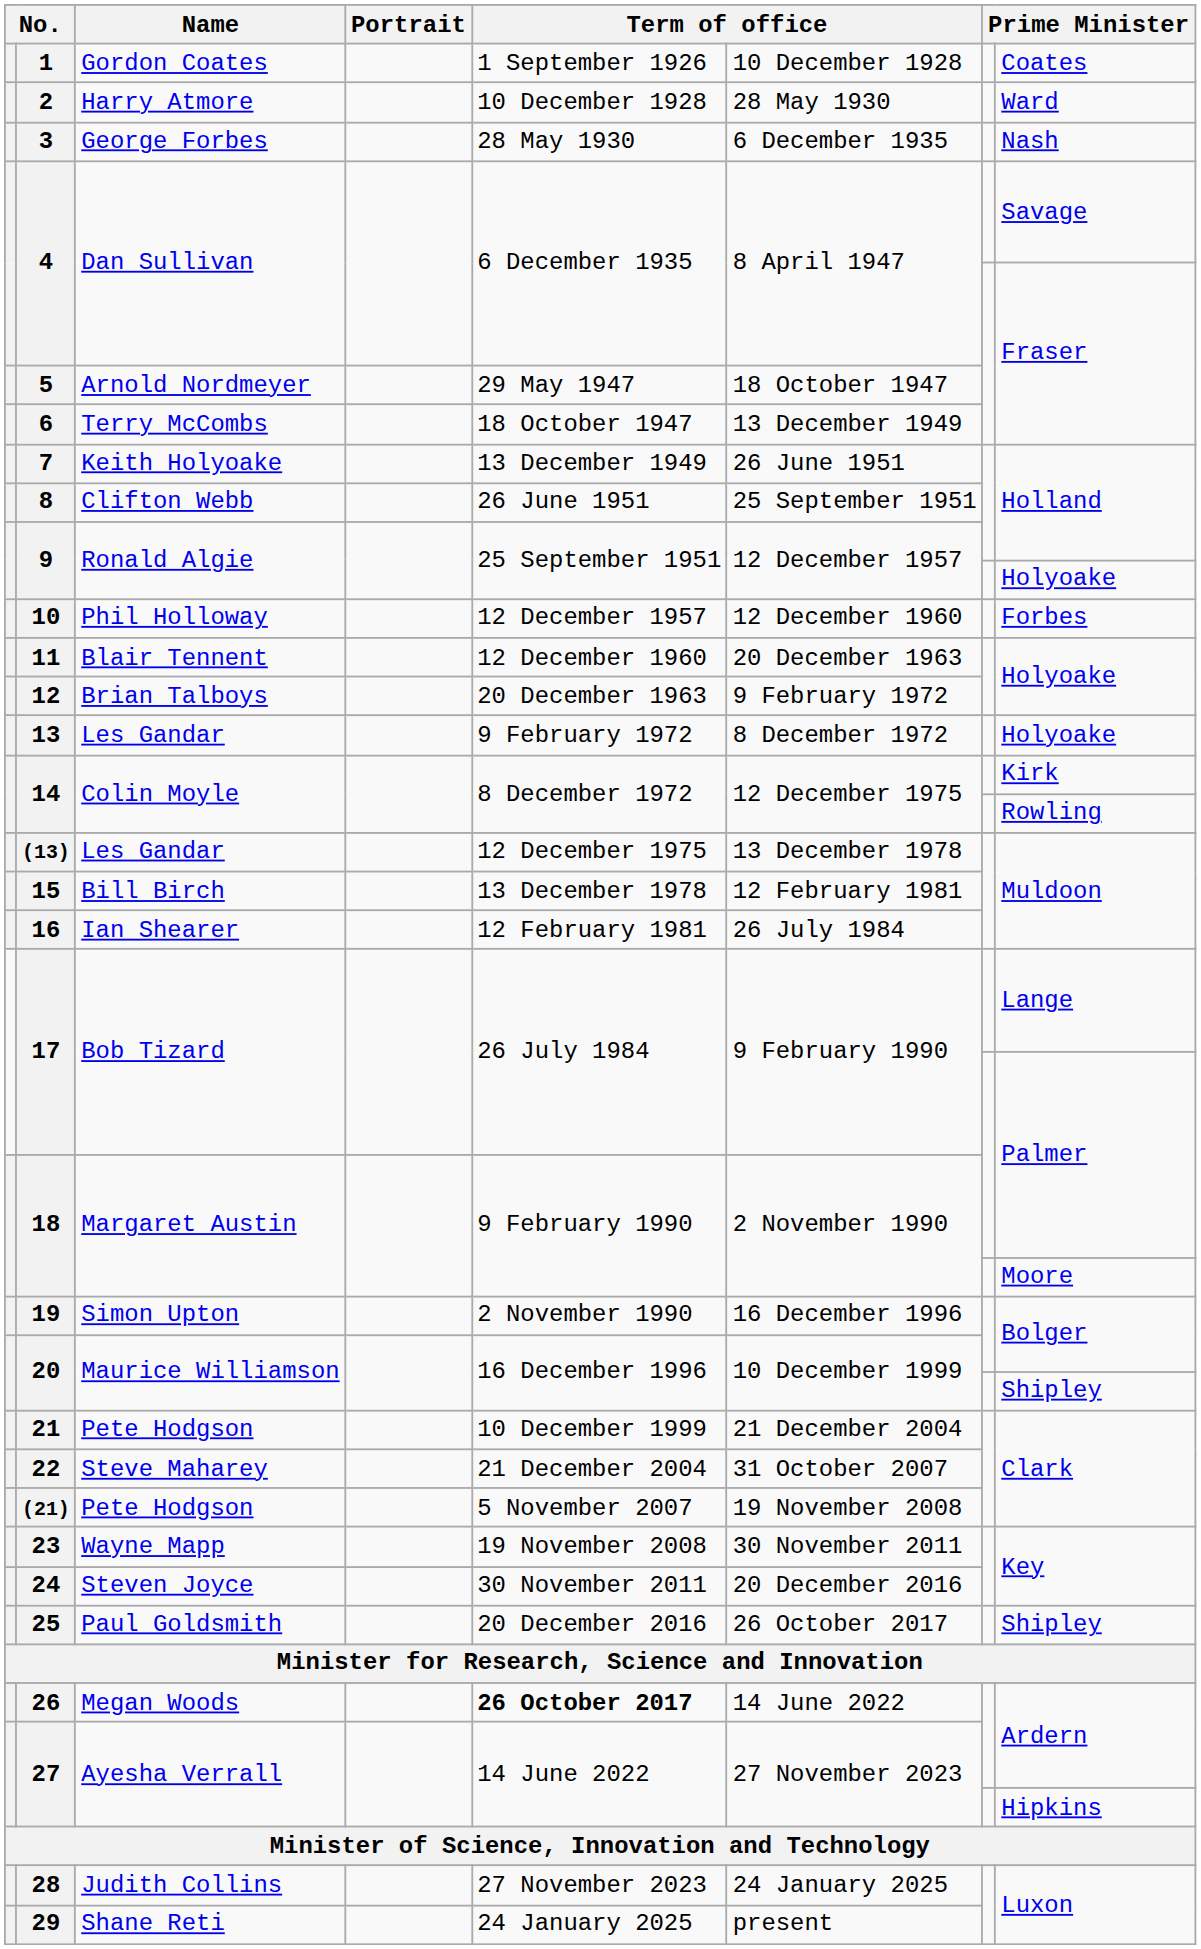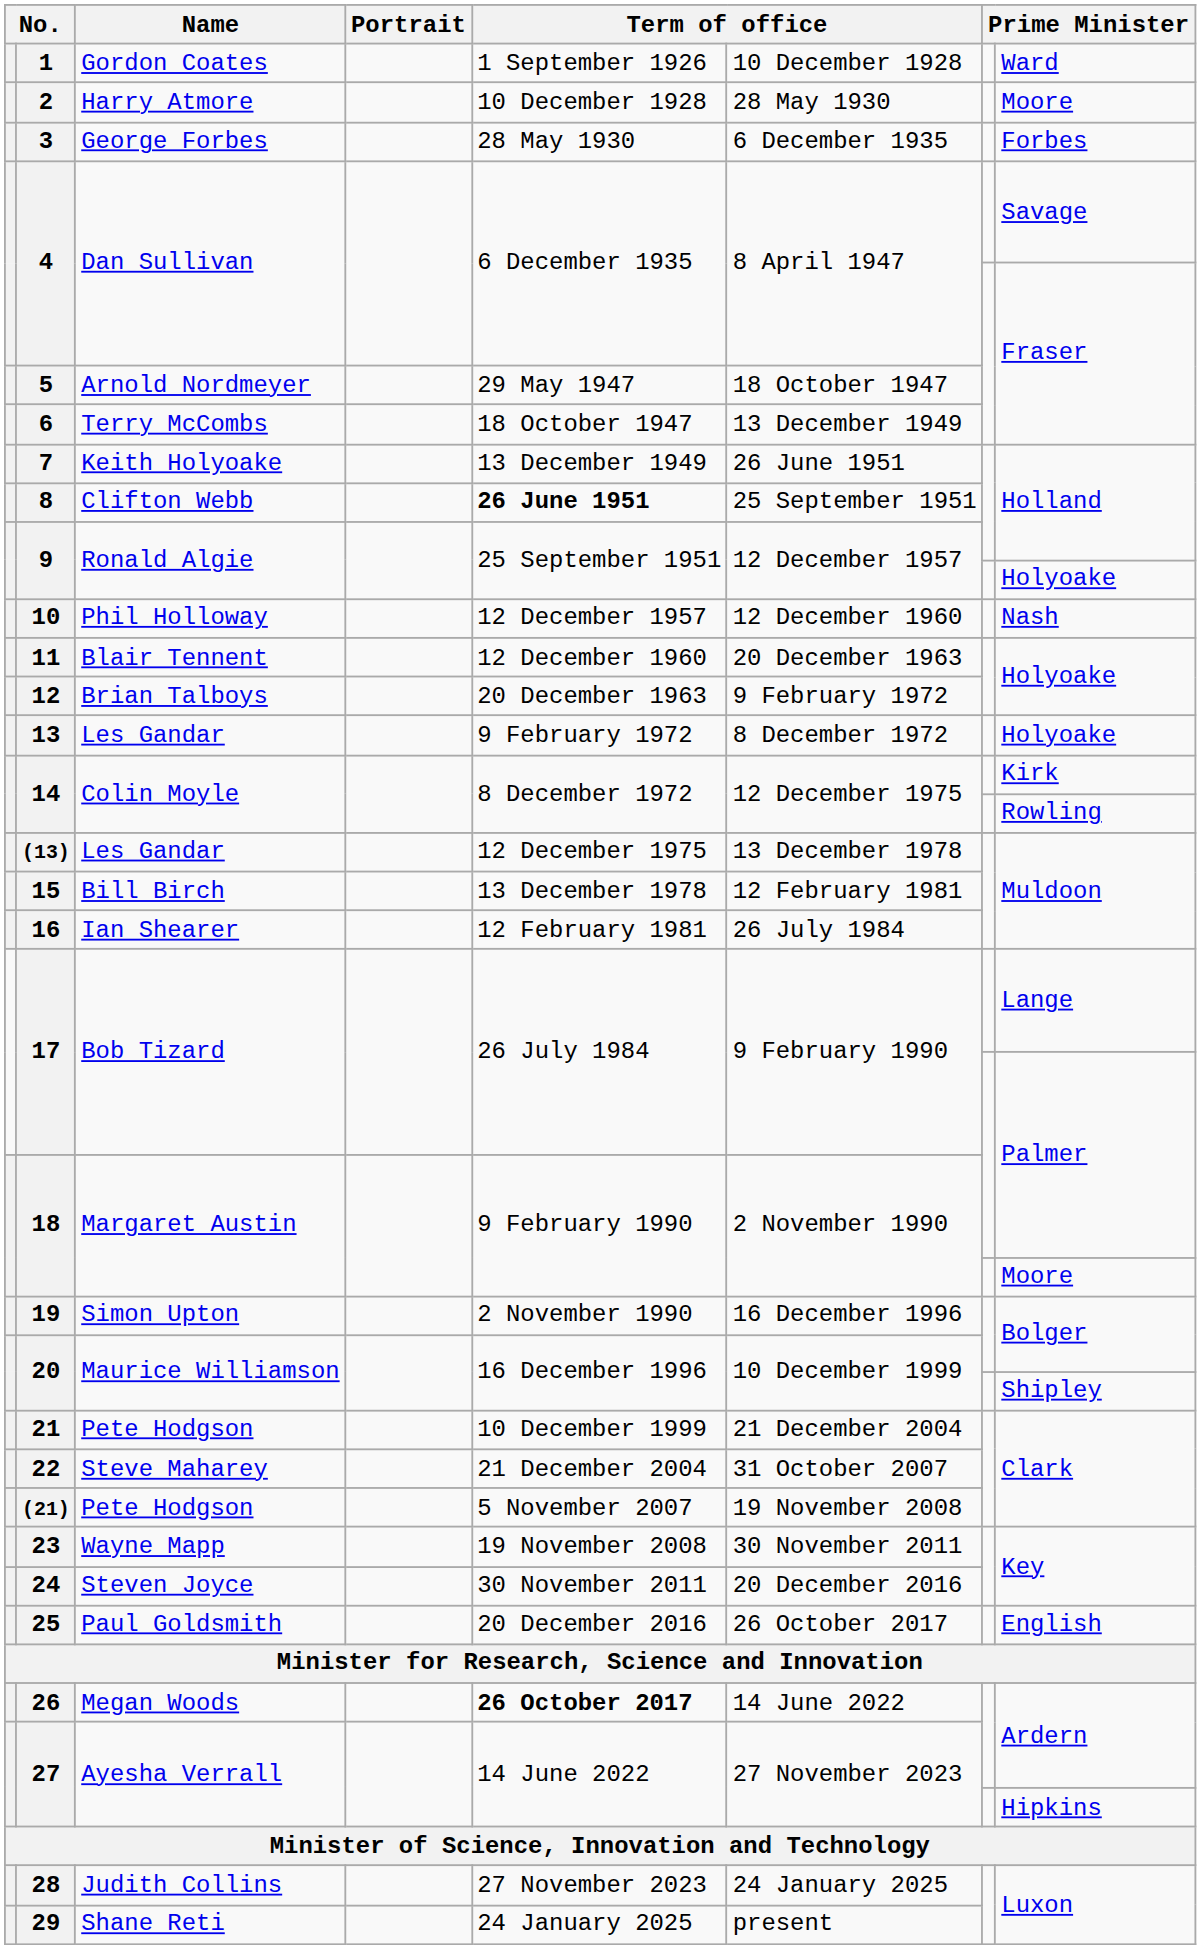 <table class="wikitable">
 <tr>
 <th colspan=2>No.</th>
 <th>Name</th>
 <th>Portrait</th>
 <th colspan=2>Term of office</th>
 <th colspan=30>Prime Minister</th>
 </tr>
 <tr>
 <th style="color:inherit;background:"></th>
 <th>1</th>
 <td><a href='#'>Gordon Coates</a></td>
 <td></td>
 <td>1 September 1926</td>
 <td>10 December 1928</td>
 <td width=1 style="color:inherit;background:"></td>
-<td><a href='#'>Coates</a></td>
+<td><a href='#'>Ward</a></td>
 </tr>
 <tr>
 <th style="color:inherit;background:"></th>
 <th>2</th>
 <td><a href='#'>Harry Atmore</a></td>
 <td></td>
 <td>10 December 1928</td>
 <td>28 May 1930</td>
 <td style="color:inherit;background:"></td>
-<td><a href='#'>Ward</a></td>
+<td><a href='#'>Moore</a></td>
 </tr>
 <tr>
 <th style="color:inherit;background:"></th>
 <th>3</th>
 <td><a href='#'>George Forbes</a></td>
 <td></td>
 <td>28 May 1930</td>
 <td>6 December 1935</td>
 <td style="color:inherit;background:"></td>
-<td><a href='#'>Nash</a></td>
+<td><a href='#'>Forbes</a></td>
 </tr>
 <tr>
 <th height=50 style="border-bottom:solid 0 grey; background:"></th>
 <th rowspan=2>4</th>
 <td rowspan=2><a href='#'>Dan Sullivan</a></td>
 <td rowspan=2></td>
 <td rowspan=2>6 December 1935</td>
 <td rowspan=2>8 April 1947</td>
 <td style="color:inherit;background:"></td>
 <td><a href='#'>Savage</a></td>
 </tr>
 <tr>
 <th height=50 style="border-top:solid 0 grey; background:"></th>
 <td style="border-bottom:solid 0 grey; background:"></td>
 <td rowspan=3><a href='#'>Fraser</a></td>
 </tr>
 <tr>
 <th style="color:inherit;background:"></th>
 <th>5</th>
 <td><a href='#'>Arnold Nordmeyer</a></td>
 <td></td>
 <td>29 May 1947</td>
 <td>18 October 1947</td>
 <td rowspan=2 style="border-top:solid 0 grey; background:"></td>
 </tr>
 <tr>
 <th style="color:inherit;background:"></th>
 <th>6</th>
 <td><a href='#'>Terry McCombs</a></td>
 <td></td>
 <td>18 October 1947</td>
 <td>13 December 1949</td>
 </tr>
 <tr>
 <th style="color:inherit;background:"></th>
 <th>7</th>
 <td><a href='#'>Keith Holyoake</a></td>
 <td></td>
 <td>13 December 1949</td>
 <td>26 June 1951</td>
 <td rowspan=3 style="color:inherit;background:"></td>
 <td rowspan=3><a href='#'>Holland</a></td>
 </tr>
 <tr>
 <th style="color:inherit;background:"></th>
 <th>8</th>
 <td><a href='#'>Clifton Webb</a></td>
 <td></td>
-<td>26 June 1951</td>
+<td><strong>26 June 1951</strong></td>
 <td>25 September 1951</td>
 </tr>
 <tr>
 <th height=15 style="border-bottom:solid 0 grey; background:"></th>
 <th rowspan=2>9</th>
 <td rowspan=2><a href='#'>Ronald Algie</a></td>
 <td rowspan=2></td>
 <td rowspan=2>25 September 1951</td>
 <td rowspan=2>12 December 1957</td>
 </tr>
 <tr>
 <th height=15 style="border-top:solid 0 grey; background:"></th>
 <td style="color:inherit;background:"></td>
 <td><a href='#'>Holyoake</a></td>
 </tr>
 <tr>
 <th style="color:inherit;background:"></th>
 <th>10</th>
 <td><a href='#'>Phil Holloway</a></td>
 <td></td>
 <td>12 December 1957</td>
 <td>12 December 1960</td>
 <td style="color:inherit;background:"></td>
-<td><a href='#'>Forbes</a></td>
+<td><a href='#'>Nash</a></td>
 </tr>
 <tr>
 <th style="color:inherit;background:"></th>
 <th>11</th>
 <td><a href='#'>Blair Tennent</a></td>
 <td></td>
 <td>12 December 1960</td>
 <td>20 December 1963</td>
 <td rowspan=2 style="color:inherit;background:"></td>
 <td rowspan=2><a href='#'>Holyoake</a></td>
 </tr>
 <tr>
 <th style="color:inherit;background:"></th>
 <th>12</th>
 <td><a href='#'>Brian Talboys</a></td>
 <td></td>
 <td>20 December 1963</td>
 <td>9 February 1972</td>
 </tr>
 <tr>
 <th style="color:inherit;background:"></th>
 <th>13</th>
 <td><a href='#'>Les Gandar</a></td>
 <td></td>
 <td>9 February 1972</td>
 <td>8 December 1972</td>
 <td style="color:inherit;background:"></td>
 <td><a href='#'>Holyoake</a></td>
 </tr>
 <tr>
 <th rowspan=2 style="color:inherit;background:"></th>
 <th rowspan=2>14</th>
 <td rowspan=2><a href='#'>Colin Moyle</a></td>
 <td rowspan=2></td>
 <td rowspan=2>8 December 1972</td>
 <td rowspan=2>12 December 1975</td>
 <td style="color:inherit;background:"></td>
 <td><a href='#'>Kirk</a></td>
 </tr>
 <tr>
 <td style="color:inherit;background:"></td>
 <td><a href='#'>Rowling</a></td>
 </tr>
 <tr>
 <th style="color:inherit;background:"></th>
 <th><small>(13)</small></th>
 <td><a href='#'>Les Gandar</a></td>
 <td></td>
 <td>12 December 1975</td>
 <td>13 December 1978</td>
 <td rowspan=3 style="color:inherit;background:"></td>
 <td rowspan=3><a href='#'>Muldoon</a></td>
 </tr>
 <tr>
 <th style="color:inherit;background:"></th>
 <th>15</th>
 <td><a href='#'>Bill Birch</a></td>
 <td></td>
 <td>13 December 1978</td>
 <td>12 February 1981</td>
 </tr>
 <tr>
 <th style="color:inherit;background:"></th>
 <th>16</th>
 <td><a href='#'>Ian Shearer</a></td>
 <td></td>
 <td>12 February 1981</td>
 <td>26 July 1984</td>
 </tr>
 <tr>
 <td height=50 style="border-bottom:solid 0 grey; background:"></td>
 <th rowspan=2>17</th>
 <td rowspan=2><a href='#'>Bob Tizard</a></td>
 <td rowspan=2></td>
 <td rowspan=2>26 July 1984</td>
 <td rowspan=2>9 February 1990</td>
 <td style="color:inherit;background:"></td>
 <td><a href='#'>Lange</a></td>
 </tr>
 <tr>
 <td height=50 style="border-top:solid 0 grey; background:"></td>
 <td style="border-bottom:solid 0 grey; background:"></td>
 <td rowspan=2><a href='#'>Palmer</a></td>
 </tr>
 <tr>
 <th rowspan=2 style="color:inherit;background:"></th>
 <th rowspan=2>18</th>
 <td rowspan=2><a href='#'>Margaret Austin</a></td>
 <td rowspan=2></td>
 <td rowspan=2>9 February 1990</td>
 <td rowspan=2>2 November 1990</td>
 <td height=50 style="border-top:solid 0 grey; background:"></td>
 </tr>
 <tr>
 <td style="color:inherit;background:"></td>
 <td><a href='#'>Moore</a></td>
 </tr>
 <tr>
 <th style="color:inherit;background:"></th>
 <th>19</th>
 <td><a href='#'>Simon Upton</a></td>
 <td></td>
 <td>2 November 1990</td>
 <td>16 December 1996</td>
 <td rowspan=2 style="color:inherit;background:"></td>
 <td rowspan=2><a href='#'>Bolger</a></td>
 </tr>
 <tr>
 <th height=14 style="border-bottom:solid 0 grey; background:"></th>
 <th rowspan=2>20</th>
 <td rowspan=2><a href='#'>Maurice Williamson</a></td>
 <td rowspan=2></td>
 <td rowspan=2>16 December 1996</td>
 <td rowspan=2>10 December 1999</td>
 </tr>
 <tr>
 <th height=15 style="border-top:solid 0 grey; background:"></th>
 <td style="color:inherit;background:"></td>
 <td><a href='#'>Shipley</a></td>
 </tr>
 <tr>
 <th style="color:inherit;background:"></th>
 <th>21</th>
 <td><a href='#'>Pete Hodgson</a></td>
 <td></td>
 <td>10 December 1999</td>
 <td>21 December 2004</td>
 <td rowspan=3 style="color:inherit;background:"></td>
 <td rowspan=3><a href='#'>Clark</a></td>
 </tr>
 <tr>
 <th style="color:inherit;background:"></th>
 <th>22</th>
 <td><a href='#'>Steve Maharey</a></td>
 <td></td>
 <td>21 December 2004</td>
 <td>31 October 2007</td>
 </tr>
 <tr>
 <th style="color:inherit;background:"></th>
 <th><small>(21)</small></th>
 <td><a href='#'>Pete Hodgson</a></td>
 <td></td>
 <td>5 November 2007</td>
 <td>19 November 2008</td>
 </tr>
 <tr>
 <th style="color:inherit;background:"></th>
 <th>23</th>
 <td><a href='#'>Wayne Mapp</a></td>
 <td></td>
 <td>19 November 2008</td>
 <td>30 November 2011</td>
 <td rowspan=2 style="color:inherit;background:"></td>
 <td rowspan=2><a href='#'>Key</a></td>
 </tr>
 <tr>
 <th style="color:inherit;background:"></th>
 <th>24</th>
 <td><a href='#'>Steven Joyce</a></td>
 <td></td>
 <td>30 November 2011</td>
 <td>20 December 2016</td>
 </tr>
 <tr>
 <th style="color:inherit;background:"></th>
 <th>25</th>
 <td><a href='#'>Paul Goldsmith</a></td>
 <td></td>
 <td>20 December 2016</td>
 <td>26 October 2017</td>
 <td style="color:inherit;background:"></td>
-<td><a href='#'>Shipley</a></td>
+<td><a href='#'>English</a></td>
 </tr>
 <tr>
 <th colspan=8>Minister for Research, Science and Innovation</th>
 </tr>
 <tr>
 <th style="color:inherit;background:"></th>
 <th>26</th>
 <td><a href='#'>Megan Woods</a></td>
 <td></td>
 <td><strong>26 October 2017</strong></td>
 <td>14 June 2022</td>
 <td rowspan=2 style="color:inherit;background:"></td>
 <td rowspan=2><a href='#'>Ardern</a></td>
 </tr>
 <tr>
 <th height=30 style="border-bottom:solid 0 grey; background:"></th>
 <th rowspan="2">27</th>
 <td rowspan="2"><a href='#'>Ayesha Verrall</a></td>
 <td rowspan="2"></td>
 <td rowspan="2">14 June 2022</td>
 <td rowspan="2">27 November 2023</td>
 </tr>
 <tr>
 <th height=15 style="border-top:solid 0 grey; background:"></th>
 <td style="color:inherit;background:"></td>
 <td><a href='#'>Hipkins</a></td>
 </tr>
 <tr>
 <th colspan=8>Minister of Science, Innovation and Technology</th>
 </tr>
 <tr>
 <th style="color:inherit;background:"></th>
 <th>28</th>
 <td><a href='#'>Judith Collins</a></td>
 <td></td>
 <td>27 November 2023</td>
 <td>24 January 2025</td>
 <td rowspan=2 style="color:inherit;background:"></td>
 <td rowspan="2"><a href='#'>Luxon</a></td>
 </tr>
 <tr>
 <th style="color:inherit;background:"></th>
 <th>29</th>
 <td><a href='#'>Shane Reti</a></td>
 <td></td>
 <td>24 January 2025</td>
 <td>present</td>
 </tr>
 </table>
